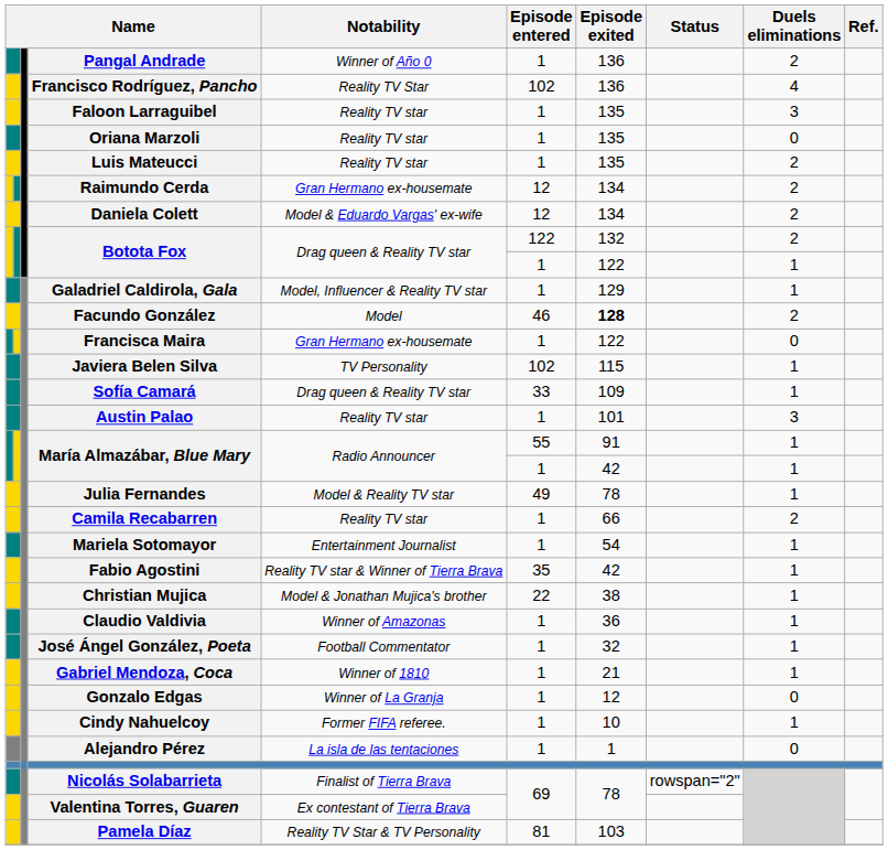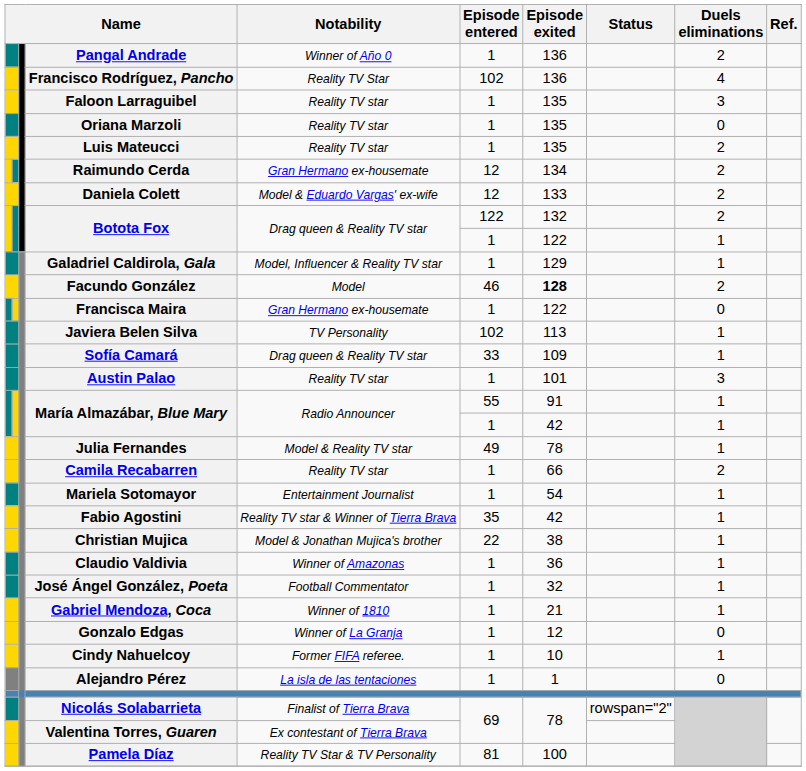 <table class="wikitable sortable" style="margin:auto; text-align:center;">
 <tr>
 <th colspan="4" width="220">Name</th>
 <th>Notability</th>
 <th>Episode<br>entered</th>
 <th>Episode<br>exited</th>
 <th>Status</th>
 <th>Duels<br>eliminations</th>
 <th>Ref.</th>
 </tr>
 <tr>
 <td colspan="2"  bgcolor="teal"></td>
 <td rowspan="9" bgcolor="black"></td>
 <th><a href='#'>Pangal Andrade</a></th>
 <td><small><em>Winner of <a href='#'>Año 0</a></em></small></td>
 <td>1</td>
 <td>136</td>
 <td></td>
 <td>2</td>
 <td></td>
 </tr>
 <tr>
 <td colspan="2"  bgcolor="gold"></td>
 <th>Francisco Rodríguez, <em>Pancho</em></th>
 <td><small><em>Reality TV Star</em></small></td>
 <td>102</td>
 <td>136</td>
 <td></td>
 <td>4</td>
 <td></td>
 </tr>
 <tr>
 <td colspan="2"  bgcolor="gold"></td>
 <th>Faloon Larraguibel</th>
 <td><small><em>Reality TV star</em></small></td>
 <td>1</td>
 <td>135</td>
 <td></td>
 <td>3</td>
 <td></td>
 </tr>
 <tr>
 <td colspan="2"  bgcolor="teal"></td>
 <th>Oriana Marzoli</th>
 <td><small><em>Reality TV star</em></small></td>
 <td>1</td>
 <td>135</td>
 <td> </td>
 <td>0</td>
 <td></td>
 </tr>
 <tr>
 <td colspan="2"  bgcolor="gold"></td>
 <th>Luis Mateucci</th>
 <td><small><em>Reality TV star</em></small></td>
 <td>1</td>
 <td>135</td>
 <td></td>
 <td>2</td>
 <td></td>
 </tr>
 <tr>
 <td bgcolor="gold"></td>
 <td bgcolor="teal"></td>
 <th>Raimundo Cerda</th>
 <td><small><em><a href='#'>Gran Hermano</a> ex-housemate</em></small></td>
 <td>12</td>
 <td>134</td>
 <td> </td>
 <td>2</td>
 <td></td>
 </tr>
 <tr>
 <td colspan="2"  bgcolor="gold"></td>
 <th>Daniela Colett</th>
 <td><small><em>Model & <a href='#'>Eduardo Vargas</a>' ex-wife</em></small></td>
 <td>12</td>
-<td>134</td>
+<td>133</td>
 <td></td>
 <td>2</td>
 <td></td>
 </tr>
 <tr>
 <td rowspan="2" bgcolor="gold"></td>
 <td rowspan="2" bgcolor="teal"></td>
 <th rowspan="2"><a href='#'>Botota Fox</a></th>
 <td rowspan="2"><small><em>Drag queen & Reality TV star</em></small></td>
 <td>122</td>
 <td>132</td>
 <td></td>
 <td>2</td>
 <td></td>
 </tr>
 <tr>
 <td>1</td>
 <td>122</td>
 <td></td>
 <td>1</td>
 <td></td>
 </tr>
 <tr>
 <td colspan="2" bgcolor="teal"></td>
 <td rowspan="55" bgcolor="gray"></td>
 <th>Galadriel Caldirola, <em>Gala</em></th>
 <td><small><em>Model, Influencer & Reality TV star</em></small></td>
 <td>1</td>
 <td>129</td>
 <td></td>
 <td>1</td>
 <td></td>
 </tr>
 <tr>
 <td colspan="2"  bgcolor="gold"></td>
 <th>Facundo González</th>
 <td><small><em>Model</em></small></td>
 <td>46</td>
 <td><strong>128</strong></td>
 <td></td>
 <td>2</td>
 <td></td>
 </tr>
 <tr>
 <td bgcolor="teal"></td>
 <td bgcolor="gold"></td>
 <th>Francisca Maira</th>
 <td><small><em><a href='#'>Gran Hermano</a> ex-housemate</em></small></td>
 <td>1</td>
 <td>122</td>
 <td></td>
 <td>0</td>
 <td></td>
 </tr>
 <tr>
 <td colspan="2" bgcolor="teal"></td>
 <th>Javiera Belen Silva</th>
 <td><small><em>TV Personality</em></small></td>
 <td>102</td>
-<td>115</td>
+<td>113</td>
 <td></td>
 <td>1</td>
 <td></td>
 </tr>
 <tr>
 <td colspan="2"  bgcolor="teal"></td>
 <th><a href='#'>Sofía Camará</a></th>
 <td><small><em>Drag queen & Reality TV star</em></small></td>
 <td>33</td>
 <td>109</td>
 <td></td>
 <td>1</td>
 <td></td>
 </tr>
 <tr>
 <td colspan="2"  bgcolor="teal"></td>
 <th><a href='#'>Austin Palao</a></th>
 <td><small><em>Reality TV star</em></small></td>
 <td>1</td>
 <td>101</td>
 <td></td>
 <td>3</td>
 <td></td>
 </tr>
 <tr>
 <td rowspan="2" bgcolor="teal"></td>
 <td rowspan="2" bgcolor="gold"></td>
 <th rowspan="2">María Almazábar, <em>Blue Mary</em></th>
 <td rowspan="2"><small><em>Radio Announcer</em></small></td>
 <td>55</td>
 <td>91</td>
 <td></td>
 <td>1</td>
 <td></td>
 </tr>
 <tr>
 <td>1</td>
 <td>42</td>
 <td></td>
 <td>1</td>
 <td></td>
 </tr>
 <tr>
 <td colspan="2"  bgcolor="gold"></td>
 <th>Julia Fernandes</th>
 <td><small><em>Model & Reality TV star</em></small></td>
 <td>49</td>
 <td>78</td>
 <td></td>
 <td>1</td>
 <td></td>
 </tr>
 <tr>
 <td colspan="2"  bgcolor="gold"></td>
 <th><a href='#'>Camila Recabarren</a></th>
 <td><small><em>Reality TV star</em></small></td>
 <td>1</td>
 <td>66</td>
 <td></td>
 <td>2</td>
 <td></td>
 </tr>
 <tr>
 <td colspan="2" bgcolor="teal"></td>
 <th>Mariela Sotomayor</th>
 <td><small><em>Entertainment Journalist</em></small></td>
 <td>1</td>
 <td>54</td>
 <td></td>
 <td>1</td>
 <td></td>
 </tr>
 <tr>
 <td colspan="2" bgcolor="gold"></td>
 <th>Fabio Agostini</th>
 <td><small><em>Reality TV star & Winner of <a href='#'>Tierra Brava</a></em></small></td>
 <td>35</td>
 <td>42</td>
 <td></td>
 <td>1</td>
 <td></td>
 </tr>
 <tr>
 <td colspan="2" bgcolor="gold"></td>
 <th>Christian Mujica</th>
 <td><small><em>Model & Jonathan Mujica's brother</em></small></td>
 <td>22</td>
 <td>38</td>
 <td></td>
 <td>1</td>
 <td></td>
 </tr>
 <tr>
 <td colspan="2" bgcolor="teal"></td>
 <th>Claudio Valdivia</th>
 <td><small><em>Winner of <a href='#'>Amazonas</a></em></small></td>
 <td>1</td>
 <td>36</td>
 <td></td>
 <td>1</td>
 <td></td>
 </tr>
 <tr>
 <td colspan="2" bgcolor="teal"></td>
 <th>José Ángel González, <em>Poeta</em></th>
 <td><small><em>Football Commentator</em></small></td>
 <td>1</td>
 <td>32</td>
 <td></td>
 <td>1</td>
 <td></td>
 </tr>
 <tr>
 <td colspan="2" bgcolor="gold"></td>
 <th><a href='#'>Gabriel Mendoza</a>, <em>Coca</em></th>
 <td><small><em>Winner of <a href='#'>1810</a></em></small></td>
 <td>1</td>
 <td>21</td>
 <td></td>
 <td>1</td>
 <td></td>
 </tr>
 <tr>
 <td colspan="2" bgcolor="gold"></td>
 <th>Gonzalo Edgas</th>
 <td><small><em>Winner of <a href='#'>La Granja</a></em></small></td>
 <td>1</td>
 <td>12</td>
 <td></td>
 <td>0</td>
 <td></td>
 </tr>
 <tr>
 <td colspan="2" bgcolor="gold"></td>
 <th>Cindy Nahuelcoy</th>
 <td><small><em>Former <a href='#'>FIFA</a> referee.</em></small></td>
 <td>1</td>
 <td>10</td>
 <td></td>
 <td>1</td>
 <td></td>
 </tr>
 <tr>
 <td colspan="2" bgcolor="gray"></td>
 <th>Alejandro Pérez</th>
 <td><small><em><a href='#'>La isla de las tentaciones</a></em></small></td>
 <td>1</td>
 <td>1</td>
 <td></td>
 <td>0</td>
 <td></td>
 </tr>
 <tr>
 <td bgcolor=4682B4 colspan=55></td>
 </tr>
 <tr>
 <td colspan="2" bgcolor="teal"></td>
 <th><a href='#'>Nicolás Solabarrieta</a></th>
 <td><small><em>Finalist of <a href='#'>Tierra Brava</a></em></small></td>
 <td rowspan="2">69</td>
 <td rowspan="2">78</td>
 <td>rowspan="2" </td>
 <td rowspan="3" bgcolor=lightgray></td>
 <td rowspan="2"></td>
 </tr>
 <tr>
 <td colspan="2" bgcolor="gold"></td>
 <th>Valentina Torres, <em>Guaren</em></th>
 <td><small><em>Ex contestant of <a href='#'>Tierra Brava</a></em></small></td>
 </tr>
 <tr>
 <td colspan="2" bgcolor="gold"></td>
 <th><a href='#'>Pamela Díaz</a></th>
 <td><small><em>Reality TV Star & TV Personality</em></small></td>
 <td>81</td>
-<td>103</td>
+<td>100</td>
 <td></td>
 <td></td>
 </tr>
 <tr>
 </tr>
 </table>
